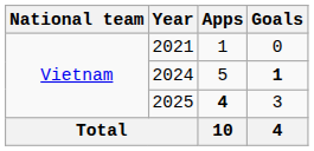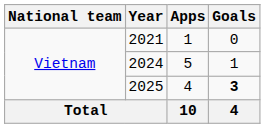 <table class="wikitable" style="text-align: center;">
 <tr>
 <th>National team</th>
 <th>Year</th>
 <th>Apps</th>
 <th>Goals</th>
 </tr>
 <tr>
 <td rowspan="3"><a href='#'>Vietnam</a></td>
 <td>2021</td>
 <td>1</td>
 <td>0</td>
 </tr>
 <tr>
 <td>2024</td>
 <td>5</td>
-<td><strong>1</strong></td>
+<td>1</td>
 </tr>
 <tr>
 <td>2025</td>
-<td><strong>4</strong></td>
-<td>3</td>
+<td>4</td>
+<td><strong>3</strong></td>
 </tr>
 <tr>
 <th colspan=2>Total</th>
 <th>10</th>
 <th>4</th>
 </tr>
 </table>
